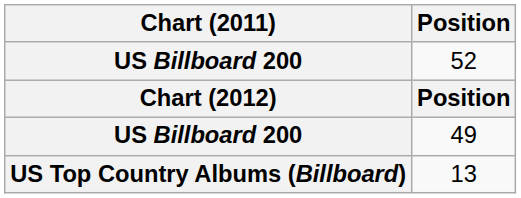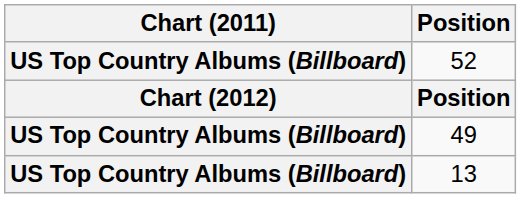 <table class="wikitable plainrowheaders" style="text-align:center">
 <tr>
 <th scope="col">Chart (2011)</th>
 <th scope="col">Position</th>
 </tr>
 <tr>
-<th scope="row">US <em>Billboard</em> 200</th>
+<th scope="row">US Top Country Albums (<em>Billboard</em>)</th>
 <td>52</td>
 </tr>
 <tr>
 <th scope="col">Chart (2012)</th>
 <th scope="col">Position</th>
 </tr>
 <tr>
-<th scope="row">US <em>Billboard</em> 200</th>
+<th scope="row">US Top Country Albums (<em>Billboard</em>)</th>
 <td>49</td>
 </tr>
 <tr>
 <th scope="row">US Top Country Albums (<em>Billboard</em>)</th>
 <td>13</td>
 </tr>
 </table>
